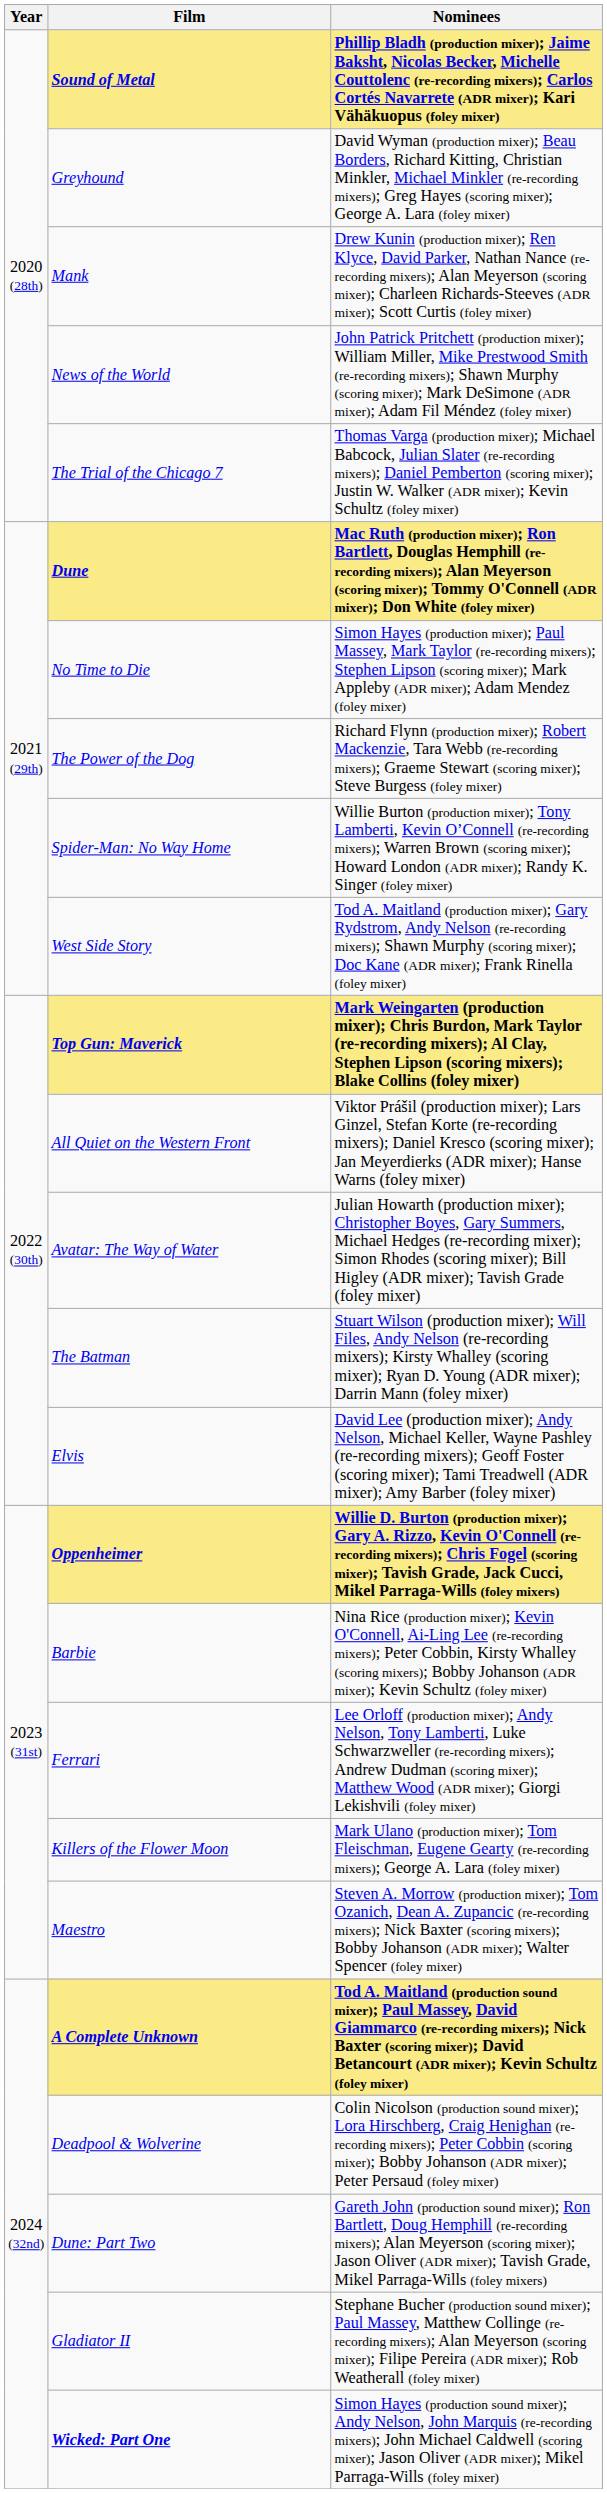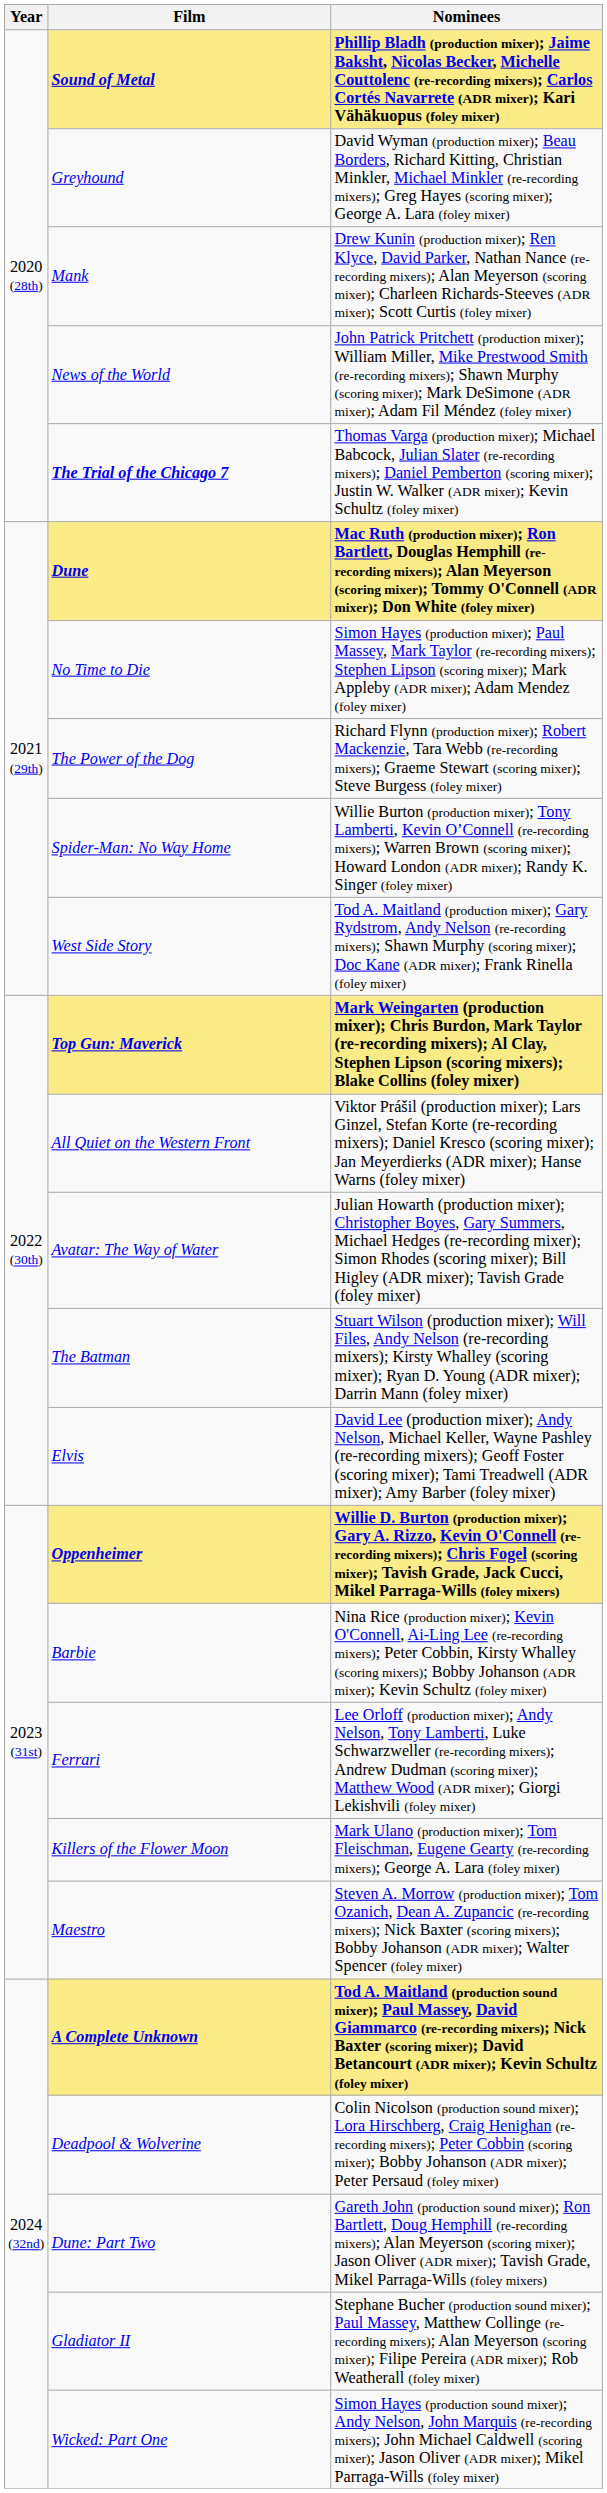 <table class="wikitable" width="95%" cellpadding="5">
 <tr>
 <th width="6%">Year</th>
 <th width="48%">Film</th>
 <th width="48%">Nominees</th>
 </tr>
 <tr>
 <td rowspan="5" style="text-align:center;">2020 <br><small>(<a href='#'>28th</a>)</small><br></td>
 <td style="background:#FAEB86;"><strong><em><a href='#'>Sound of Metal</a></em></strong></td>
 <td style="background:#FAEB86;"><strong><a href='#'>Phillip Bladh</a> <small>(production mixer)</small>; <a href='#'>Jaime Baksht</a>, <a href='#'>Nicolas Becker</a>, <a href='#'>Michelle Couttolenc</a> <small>(re-recording mixers)</small>; <a href='#'>Carlos Cortés Navarrete</a> <small>(ADR mixer)</small>; Kari Vähäkuopus <small>(foley mixer)</small></strong></td>
 </tr>
 <tr>
 <td><em><a href='#'>Greyhound</a></em></td>
 <td>David Wyman <small>(production mixer)</small>; <a href='#'>Beau Borders</a>, Richard Kitting, Christian Minkler, <a href='#'>Michael Minkler</a> <small>(re-recording mixers)</small>; Greg Hayes <small>(scoring mixer)</small>; George A. Lara <small>(foley mixer)</small></td>
 </tr>
 <tr>
 <td><em><a href='#'>Mank</a></em></td>
 <td><a href='#'>Drew Kunin</a> <small>(production mixer)</small>; <a href='#'>Ren Klyce</a>, <a href='#'>David Parker</a>, Nathan Nance <small>(re-recording mixers)</small>; Alan Meyerson <small>(scoring mixer)</small>; Charleen Richards-Steeves <small>(ADR mixer)</small>; Scott Curtis <small>(foley mixer)</small></td>
 </tr>
 <tr>
 <td><em><a href='#'>News of the World</a></em></td>
 <td><a href='#'>John Patrick Pritchett</a> <small>(production mixer)</small>; William Miller, <a href='#'>Mike Prestwood Smith</a> <small>(re-recording mixers)</small>; Shawn Murphy <small>(scoring mixer)</small>; Mark DeSimone <small>(ADR mixer)</small>; Adam Fil Méndez <small>(foley mixer)</small></td>
 </tr>
 <tr>
-<td><em><a href='#'>The Trial of the Chicago 7</a></em></td>
+<td><strong><em><a href='#'>The Trial of the Chicago 7</a></em></strong></td>
 <td><a href='#'>Thomas Varga</a> <small>(production mixer)</small>; Michael Babcock, <a href='#'>Julian Slater</a> <small>(re-recording mixers)</small>; <a href='#'>Daniel Pemberton</a> <small>(scoring mixer)</small>; Justin W. Walker <small>(ADR mixer)</small>; Kevin Schultz <small>(foley mixer)</small></td>
 </tr>
 <tr>
 <td rowspan="5" style="text-align:center;">2021 <br><small>(<a href='#'>29th</a>)</small><br></td>
 <td style="background:#FAEB86;"><strong><em><a href='#'>Dune</a></em></strong></td>
 <td style="background:#FAEB86;"><strong><a href='#'>Mac Ruth</a> <small>(production mixer)</small>; <a href='#'>Ron Bartlett</a>, Douglas Hemphill <small>(re-recording mixers)</small>; Alan Meyerson <small>(scoring mixer)</small>; Tommy O'Connell <small>(ADR mixer)</small>; Don White <small>(foley mixer)</small></strong></td>
 </tr>
 <tr>
 <td><em><a href='#'>No Time to Die</a></em></td>
 <td><a href='#'>Simon Hayes</a> <small>(production mixer)</small>; <a href='#'>Paul Massey</a>, <a href='#'>Mark Taylor</a> <small>(re-recording mixers)</small>; <a href='#'>Stephen Lipson</a> <small>(scoring mixer)</small>; Mark Appleby <small>(ADR mixer)</small>; Adam Mendez <small>(foley mixer)</small></td>
 </tr>
 <tr>
 <td><em><a href='#'>The Power of the Dog</a></em></td>
 <td>Richard Flynn <small>(production mixer)</small>; <a href='#'>Robert Mackenzie</a>, Tara Webb <small>(re-recording mixers)</small>; Graeme Stewart <small>(scoring mixer)</small>; Steve Burgess <small>(foley mixer)</small></td>
 </tr>
 <tr>
 <td><em><a href='#'>Spider-Man: No Way Home</a></em></td>
 <td>Willie Burton <small>(production mixer)</small>; <a href='#'>Tony Lamberti</a>, <a href='#'>Kevin O’Connell</a> <small>(re-recording mixers)</small>; Warren Brown <small>(scoring mixer)</small>; Howard London <small>(ADR mixer)</small>; Randy K. Singer <small>(foley mixer)</small></td>
 </tr>
 <tr>
 <td><em><a href='#'>West Side Story</a></em></td>
 <td><a href='#'>Tod A. Maitland</a> <small>(production mixer)</small>; <a href='#'>Gary Rydstrom</a>, <a href='#'>Andy Nelson</a> <small>(re-recording mixers)</small>; Shawn Murphy <small>(scoring mixer)</small>; <a href='#'>Doc Kane</a> <small>(ADR mixer)</small>; Frank Rinella <small>(foley mixer)</small></td>
 </tr>
 <tr>
 <td rowspan="5" style="text-align:center;">2022 <br><small>(<a href='#'>30th</a>)</small><br></td>
 <td style="background:#FAEB86;"><strong><em><a href='#'>Top Gun: Maverick</a></em></strong></td>
 <td style="background:#FAEB86;"><strong><a href='#'>Mark Weingarten</a> (production mixer); Chris Burdon, Mark Taylor (re-recording mixers); Al Clay, Stephen Lipson (scoring mixers); Blake Collins (foley mixer)</strong></td>
 </tr>
 <tr>
 <td><em><a href='#'>All Quiet on the Western Front</a></em></td>
 <td>Viktor Prášil (production mixer); Lars Ginzel,  Stefan Korte (re-recording mixers); Daniel Kresco (scoring mixer); Jan Meyerdierks (ADR mixer); Hanse Warns (foley mixer)</td>
 </tr>
 <tr>
 <td><em><a href='#'>Avatar: The Way of Water</a></em></td>
 <td>Julian Howarth (production mixer); <a href='#'>Christopher Boyes</a>, <a href='#'>Gary Summers</a>, Michael Hedges (re-recording mixer); Simon Rhodes (scoring mixer); Bill Higley (ADR mixer); Tavish Grade (foley mixer)</td>
 </tr>
 <tr>
 <td><em><a href='#'>The Batman</a></em></td>
 <td><a href='#'>Stuart Wilson</a> (production mixer); <a href='#'>Will Files</a>, <a href='#'>Andy Nelson</a> (re-recording mixers); Kirsty Whalley (scoring mixer); Ryan D. Young (ADR mixer); Darrin Mann (foley mixer)</td>
 </tr>
 <tr>
 <td><em><a href='#'>Elvis</a></em></td>
 <td><a href='#'>David Lee</a> (production mixer); <a href='#'>Andy Nelson</a>, Michael Keller, Wayne Pashley (re-recording mixers); Geoff Foster (scoring mixer); Tami Treadwell (ADR mixer); Amy Barber (foley mixer)</td>
 </tr>
 <tr>
 <td rowspan="5" style="text-align:center;">2023 <br><small>(<a href='#'>31st</a>)</small><br></td>
 <td style="background:#FAEB86;"><strong><em><a href='#'>Oppenheimer</a></em></strong></td>
 <td style="background:#FAEB86;"><strong><a href='#'>Willie D. Burton</a> <small>(production mixer)</small>; <a href='#'>Gary A. Rizzo</a>, <a href='#'>Kevin O'Connell</a> <small>(re-recording mixers)</small>; <a href='#'>Chris Fogel</a> <small>(scoring mixer)</small>; Tavish Grade, Jack Cucci, Mikel Parraga-Wills <small>(foley mixers)</small></strong></td>
 </tr>
 <tr>
 <td><em><a href='#'>Barbie</a></em></td>
 <td>Nina Rice <small>(production mixer)</small>; <a href='#'>Kevin O'Connell</a>, <a href='#'>Ai-Ling Lee</a> <small>(re-recording mixers)</small>; Peter Cobbin, Kirsty Whalley <small>(scoring mixers)</small>; Bobby Johanson <small>(ADR mixer)</small>; Kevin Schultz <small>(foley mixer)</small></td>
 </tr>
 <tr>
 <td><em><a href='#'>Ferrari</a></em></td>
 <td><a href='#'>Lee Orloff</a> <small>(production mixer)</small>; <a href='#'>Andy Nelson</a>, <a href='#'>Tony Lamberti</a>, Luke Schwarzweller <small>(re-recording mixers)</small>; Andrew Dudman <small>(scoring mixer)</small>; <a href='#'>Matthew Wood</a> <small>(ADR mixer)</small>; Giorgi Lekishvili <small>(foley mixer)</small></td>
 </tr>
 <tr>
 <td><em><a href='#'>Killers of the Flower Moon</a></em></td>
 <td><a href='#'>Mark Ulano</a> <small>(production mixer)</small>; <a href='#'>Tom Fleischman</a>, <a href='#'>Eugene Gearty</a> <small>(re-recording mixers)</small>; George A. Lara <small>(foley mixer)</small></td>
 </tr>
 <tr>
 <td><em><a href='#'>Maestro</a></em></td>
 <td><a href='#'>Steven A. Morrow</a> <small>(production mixer)</small>; <a href='#'>Tom Ozanich</a>, <a href='#'>Dean A. Zupancic</a> <small>(re-recording mixers)</small>; Nick Baxter <small>(scoring mixers)</small>; Bobby Johanson <small>(ADR mixer)</small>; Walter Spencer <small>(foley mixer)</small></td>
 </tr>
 <tr>
 <td rowspan="5" style="text-align:center;">2024 <br><small>(<a href='#'>32nd</a>)</small><br></td>
 <td style="background:#FAEB86;"><strong><em><a href='#'>A Complete Unknown</a></em></strong></td>
 <td style="background:#FAEB86;"><strong><a href='#'>Tod A. Maitland</a> <small>(production sound mixer)</small>; <a href='#'>Paul Massey</a>, <a href='#'>David Giammarco</a> <small>(re-recording mixers)</small>; Nick Baxter <small>(scoring mixer)</small>; David Betancourt <small>(ADR mixer)</small>; Kevin Schultz <small>(foley mixer)</small></strong></td>
 </tr>
 <tr>
 <td><em><a href='#'>Deadpool & Wolverine</a></em></td>
 <td>Colin Nicolson <small>(production sound mixer)</small>; <a href='#'>Lora Hirschberg</a>, <a href='#'>Craig Henighan</a> <small>(re-recording mixers)</small>; <a href='#'>Peter Cobbin</a> <small>(scoring mixer)</small>; Bobby Johanson <small>(ADR mixer)</small>; Peter Persaud <small>(foley mixer)</small></td>
 </tr>
 <tr>
 <td><em><a href='#'>Dune: Part Two</a></em></td>
 <td><a href='#'>Gareth John</a> <small>(production sound mixer)</small>; <a href='#'>Ron Bartlett</a>, <a href='#'>Doug Hemphill</a> <small>(re-recording mixers)</small>; Alan Meyerson <small>(scoring mixer)</small>; Jason Oliver <small>(ADR mixer)</small>; Tavish Grade, Mikel Parraga-Wills <small>(foley mixers)</small></td>
 </tr>
 <tr>
 <td><em><a href='#'>Gladiator II</a></em></td>
 <td>Stephane Bucher <small>(production sound mixer)</small>; <a href='#'>Paul Massey</a>, Matthew Collinge <small>(re-recording mixers)</small>; Alan Meyerson <small>(scoring mixer)</small>; Filipe Pereira <small>(ADR mixer)</small>; Rob Weatherall <small>(foley mixer)</small></td>
 </tr>
 <tr>
-<td><strong><em><a href='#'>Wicked: Part One</a></em></strong></td>
+<td><em><a href='#'>Wicked: Part One</a></em></td>
 <td><a href='#'>Simon Hayes</a> <small>(production sound mixer)</small>; <a href='#'>Andy Nelson</a>, <a href='#'>John Marquis</a> <small>(re-recording mixers)</small>; John Michael Caldwell <small>(scoring mixer)</small>; Jason Oliver <small>(ADR mixer)</small>; Mikel Parraga-Wills <small>(foley mixer)</small></td>
 </tr>
 <tr>
 </tr>
 </table>
